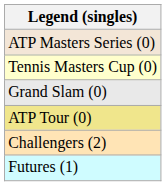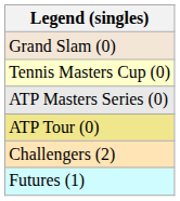 <table class="wikitable">
 <tr>
 <th>Legend (singles)</th>
 </tr>
 <tr style="background:#f3e6d7;">
-<td>ATP Masters Series (0)</td>
+<td>Grand Slam (0)</td>
 </tr>
 <tr style="background:#ffc;">
 <td>Tennis Masters Cup (0)</td>
 </tr>
 <tr style="background:#e9e9e9;">
-<td>Grand Slam (0)</td>
+<td>ATP Masters Series (0)</td>
 </tr>
 <tr>
 <td style="background: khaki;">ATP Tour (0)</td>
 </tr>
 <tr style="background:moccasin;">
 <td>Challengers (2)</td>
 </tr>
 <tr style="background:#cffcff;">
 <td>Futures (1)</td>
 </tr>
 </table>
